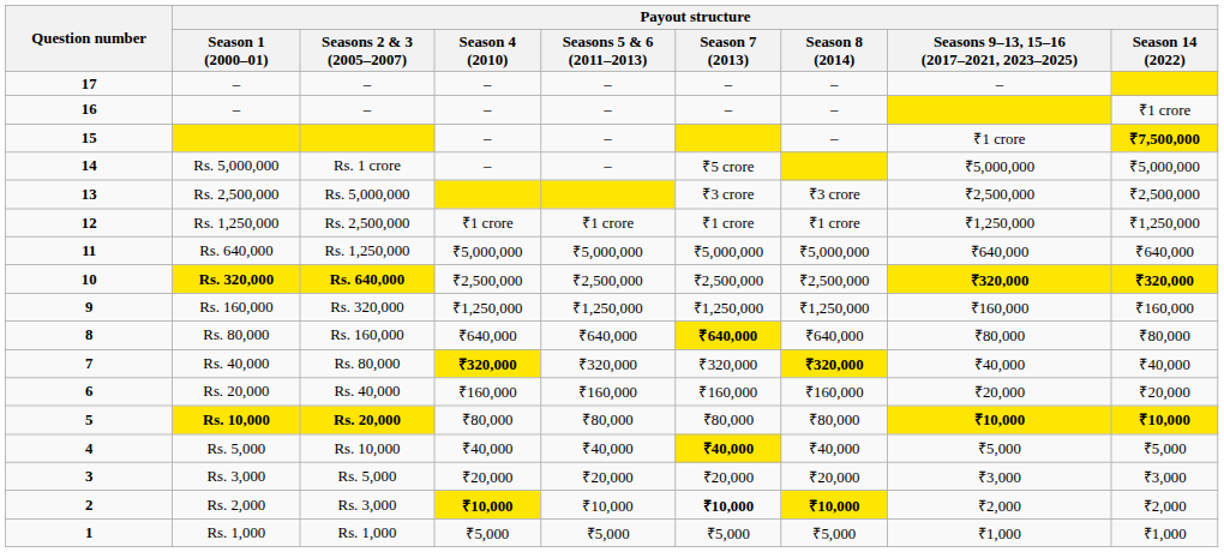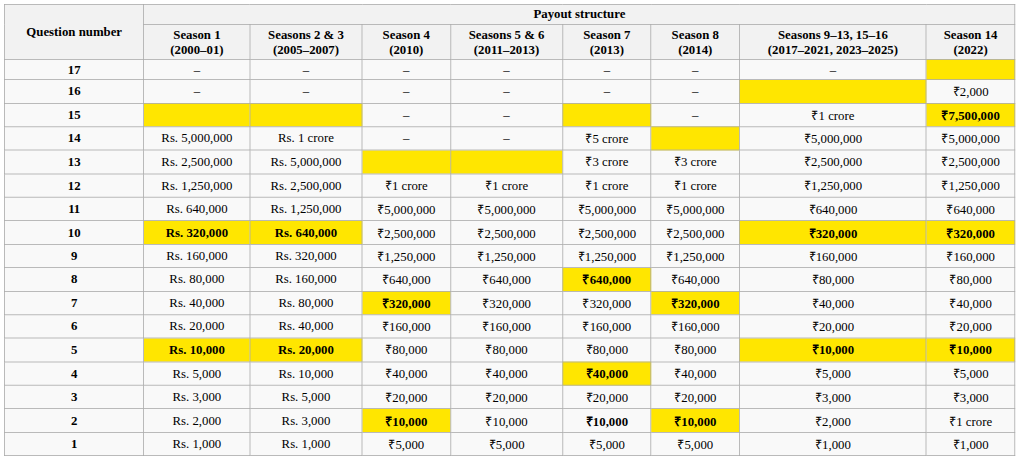 <table class="wikitable" width="100%" border="1" cellpadding="5" cellspacing="0" align="center" style="text-align:center; border:1px; cellpadding:2; cellspacing:0;">
 <tr>
 <th rowspan=2>Question number</th>
 <th colspan="8">Payout structure</th>
 </tr>
 <tr>
 <th>Season 1<br>(2000–01)</th>
 <th>Seasons 2 & 3<br>(2005–2007)</th>
 <th>Season 4<br>(2010)</th>
 <th>Seasons 5 & 6<br>(2011–2013)</th>
 <th>Season 7<br>(2013)</th>
 <th>Season 8<br>(2014)</th>
 <th>Seasons 9–13, 15–16<br>(2017–2021, 2023–2025)</th>
 <th>Season 14<br>(2022)</th>
 </tr>
 <tr>
 <td><strong>17</strong></td>
 <td>–</td>
 <td>–</td>
 <td>–</td>
 <td>–</td>
 <td>–</td>
 <td>–</td>
 <td>–</td>
 <td style="background: #FFE600"></td>
 </tr>
 <tr>
 <td><strong>16</strong></td>
 <td>–</td>
 <td>–</td>
 <td>–</td>
 <td>–</td>
 <td>–</td>
 <td>–</td>
 <td style="background: #FFE600"></td>
-<td>₹1 crore</td>
+<td>₹2,000</td>
 </tr>
 <tr>
 <td><strong>15</strong></td>
 <td style="background: #FFE600"></td>
 <td style="background: #FFE600"></td>
 <td>–</td>
 <td>–</td>
 <td style="background: #FFE600"></td>
 <td>–</td>
 <td>₹1 crore</td>
 <td style="background: #FFE600"><strong>₹7,500,000</strong></td>
 </tr>
 <tr>
 <td><strong>14</strong></td>
 <td>Rs. 5,000,000</td>
 <td>Rs. 1 crore</td>
 <td>–</td>
 <td>–</td>
 <td>₹5 crore</td>
 <td style="background: #FFE600"></td>
 <td>₹5,000,000</td>
 <td>₹5,000,000</td>
 </tr>
 <tr>
 <td><strong>13</strong></td>
 <td>Rs. 2,500,000</td>
 <td>Rs. 5,000,000</td>
 <td style="background: #FFE600"></td>
 <td style="background: #FFE600"></td>
 <td>₹3 crore</td>
 <td>₹3 crore</td>
 <td>₹2,500,000</td>
 <td>₹2,500,000</td>
 </tr>
 <tr>
 <td><strong>12</strong></td>
 <td>Rs. 1,250,000</td>
 <td>Rs. 2,500,000</td>
 <td>₹1 crore</td>
 <td>₹1 crore</td>
 <td>₹1 crore</td>
 <td>₹1 crore</td>
 <td>₹1,250,000</td>
 <td>₹1,250,000</td>
 </tr>
 <tr>
 <td><strong>11</strong></td>
 <td>Rs. 640,000</td>
 <td>Rs. 1,250,000</td>
 <td>₹5,000,000</td>
 <td>₹5,000,000</td>
 <td>₹5,000,000</td>
 <td>₹5,000,000</td>
 <td>₹640,000</td>
 <td>₹640,000</td>
 </tr>
 <tr>
 <td><strong>10</strong></td>
 <td style="background: #FFE600"><strong>Rs. 320,000</strong></td>
 <td style="background: #FFE600"><strong>Rs. 640,000</strong></td>
 <td>₹2,500,000</td>
 <td>₹2,500,000</td>
 <td>₹2,500,000</td>
 <td>₹2,500,000</td>
 <td style="background: #FFE600"><strong>₹320,000</strong></td>
 <td style="background: #FFE600"><strong>₹320,000</strong></td>
 </tr>
 <tr>
 <td><strong>9</strong></td>
 <td>Rs. 160,000</td>
 <td>Rs. 320,000</td>
 <td>₹1,250,000</td>
 <td>₹1,250,000</td>
 <td>₹1,250,000</td>
 <td>₹1,250,000</td>
 <td>₹160,000</td>
 <td>₹160,000</td>
 </tr>
 <tr>
 <td><strong>8</strong></td>
 <td>Rs. 80,000</td>
 <td>Rs. 160,000</td>
 <td>₹640,000</td>
 <td>₹640,000</td>
 <td style="background: #FFE600"><strong>₹640,000</strong></td>
 <td>₹640,000</td>
 <td>₹80,000</td>
 <td>₹80,000</td>
 </tr>
 <tr>
 <td><strong>7</strong></td>
 <td>Rs. 40,000</td>
 <td>Rs. 80,000</td>
 <td style="background: #FFE600"><strong>₹320,000</strong></td>
 <td>₹320,000</td>
 <td>₹320,000</td>
 <td style="background: #FFE600"><strong>₹320,000</strong></td>
 <td>₹40,000</td>
 <td>₹40,000</td>
 </tr>
 <tr>
 <td><strong>6</strong></td>
 <td>Rs. 20,000</td>
 <td>Rs. 40,000</td>
 <td>₹160,000</td>
 <td>₹160,000</td>
 <td>₹160,000</td>
 <td>₹160,000</td>
 <td>₹20,000</td>
 <td>₹20,000</td>
 </tr>
 <tr>
 <td><strong>5</strong></td>
 <td style="background: #FFE600"><strong>Rs. 10,000</strong></td>
 <td style="background: #FFE600"><strong>Rs. 20,000</strong></td>
 <td>₹80,000</td>
 <td>₹80,000</td>
 <td>₹80,000</td>
 <td>₹80,000</td>
 <td style="background: #FFE600"><strong>₹10,000</strong></td>
 <td style="background: #FFE600"><strong>₹10,000</strong></td>
 </tr>
 <tr>
 <td><strong>4</strong></td>
 <td>Rs. 5,000</td>
 <td>Rs. 10,000</td>
 <td>₹40,000</td>
 <td>₹40,000</td>
 <td style="background: #FFE600"><strong>₹40,000</strong></td>
 <td>₹40,000</td>
 <td>₹5,000</td>
 <td>₹5,000</td>
 </tr>
 <tr>
 <td><strong>3</strong></td>
 <td>Rs. 3,000</td>
 <td>Rs. 5,000</td>
 <td>₹20,000</td>
 <td>₹20,000</td>
 <td>₹20,000</td>
 <td>₹20,000</td>
 <td>₹3,000</td>
 <td>₹3,000</td>
 </tr>
 <tr>
 <td><strong>2</strong></td>
 <td>Rs. 2,000</td>
 <td>Rs. 3,000</td>
 <td style="background: #FFE600"><strong>₹10,000</strong></td>
 <td>₹10,000</td>
 <td><strong>₹10,000</strong></td>
 <td style="background: #FFE600"><strong>₹10,000</strong></td>
 <td>₹2,000</td>
-<td>₹2,000</td>
+<td>₹1 crore</td>
 </tr>
 <tr>
 <td><strong>1</strong></td>
 <td>Rs. 1,000</td>
 <td>Rs. 1,000</td>
 <td>₹5,000</td>
 <td>₹5,000</td>
 <td>₹5,000</td>
 <td>₹5,000</td>
 <td>₹1,000</td>
 <td>₹1,000</td>
 </tr>
 </table>
